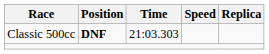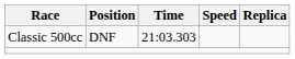 <table class="wikitable">
 <tr>
 <th>Race</th>
 <th>Position</th>
 <th>Time</th>
 <th>Speed</th>
 <th>Replica</th>
 </tr>
 <tr>
 <td>Classic 500cc</td>
-<td><strong>DNF</strong></td>
+<td>DNF</td>
 <td>21:03.303</td>
 <td></td>
 <td></td>
 </tr>
 <tr>
 <td colspan=5></td>
 </tr>
 </table>
